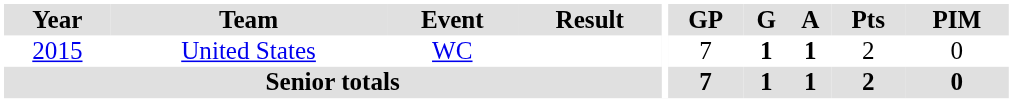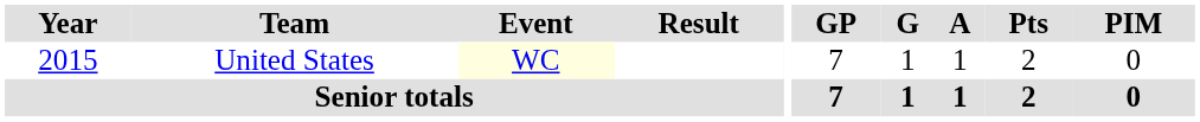 <table border="0" cellpadding="1" cellspacing="0" ID="Table3" style="text-align:center; width:40em">
 <tr ALIGN="center" bgcolor="#e0e0e0">
 <th>Year</th>
 <th>Team</th>
 <th>Event</th>
 <th>Result</th>
 <th rowspan="99" bgcolor="#ffffff"></th>
 <th>GP</th>
 <th>G</th>
 <th>A</th>
 <th>Pts</th>
 <th>PIM</th>
 </tr>
 <tr ALIGN="center">
 <td><a href='#'>2015</a></td>
 <td><a href='#'>United States</a></td>
-<td><a href='#'>WC</a></td>
+<td style="background: lightyellow;"><a href='#'>WC</a></td>
 <td></td>
 <td>7</td>
-<td><strong>1</strong></td>
-<td><strong>1</strong></td>
+<td>1</td>
+<td>1</td>
 <td>2</td>
 <td>0</td>
 </tr>
 <tr bgcolor="#e0e0e0">
 <th colspan="4">Senior totals</th>
 <th>7</th>
 <th>1</th>
 <th>1</th>
 <th>2</th>
 <th>0</th>
 </tr>
 </table>
